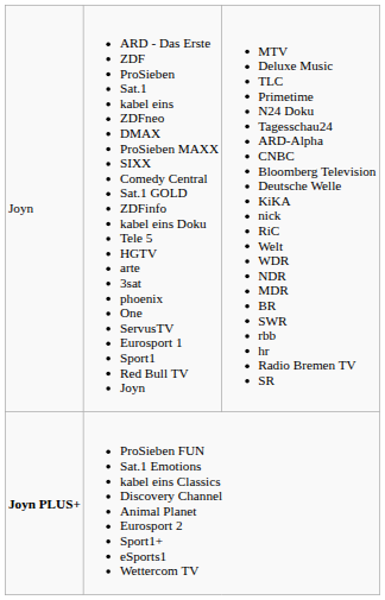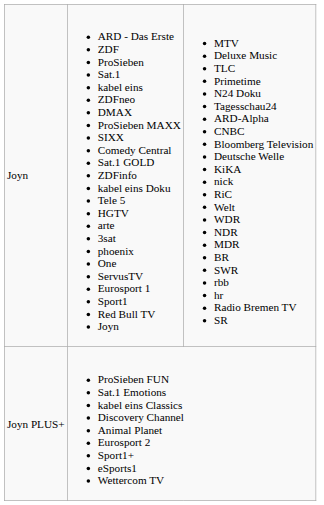 <table class="wikitable">
 <tr>
 <td>Joyn</td>
 <td><br><ul><li>ARD - Das Erste</li><li>ZDF</li><li>ProSieben</li><li>Sat.1</li><li>kabel eins</li><li>ZDFneo</li><li>DMAX</li><li>ProSieben MAXX</li><li>SIXX</li><li>Comedy Central</li><li>Sat.1 GOLD</li><li>ZDFinfo</li><li>kabel eins Doku</li><li>Tele 5</li><li>HGTV</li><li>arte</li><li>3sat</li><li>phoenix</li><li>One</li><li>ServusTV</li><li>Eurosport 1</li><li>Sport1</li><li>Red Bull TV</li><li>Joyn</li></ul></td>
 <td><br><ul><li>MTV</li><li>Deluxe Music</li><li>TLC</li><li>Primetime</li><li>N24 Doku</li><li>Tagesschau24</li><li>ARD-Alpha</li><li>CNBC</li><li>Bloomberg Television</li><li>Deutsche Welle</li><li>KiKA</li><li>nick</li><li>RiC</li><li>Welt</li><li>WDR</li><li>NDR</li><li>MDR</li><li>BR</li><li>SWR</li><li>rbb</li><li>hr</li><li>Radio Bremen TV</li><li>SR</li></ul></td>
 </tr>
 <tr>
-<td><strong>Joyn PLUS+</strong></td>
+<td>Joyn PLUS+</td>
 <td colspan="2"><br><ul><li>ProSieben FUN</li><li>Sat.1 Emotions</li><li>kabel eins Classics</li><li>Discovery Channel</li><li>Animal Planet</li><li>Eurosport 2</li><li>Sport1+</li><li>eSports1</li><li>Wettercom TV</li></ul></td>
 </tr>
 </table>
